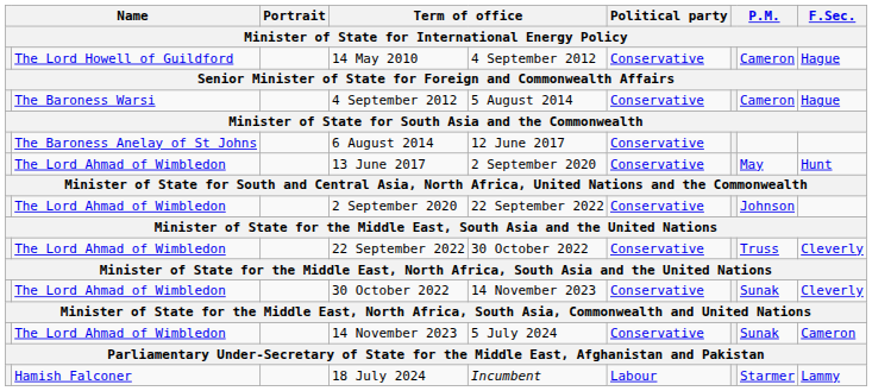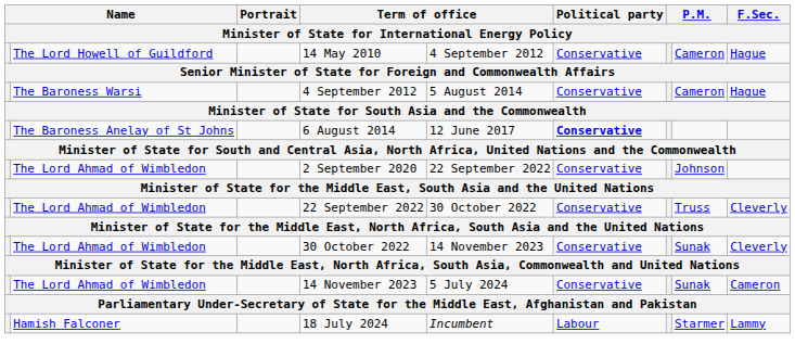 <table class="wikitable" style="text-align:left">
 <tr>
 <th colspan="2">Name</th>
 <th>Portrait</th>
 <th colspan="2">Term of office</th>
 <th>Political party</th>
 <th colspan="2"><a href='#'>P.M.</a></th>
 <th><a href='#'>F.Sec.</a></th>
 </tr>
 <tr>
 <th colspan=9>Minister of State for International Energy Policy</th>
 </tr>
 <tr>
 <th style="background-color: "></th>
 <td><a href='#'>The Lord Howell of Guildford</a></td>
 <td></td>
 <td>14 May 2010</td>
 <td>4 September 2012</td>
 <td><a href='#'>Conservative</a></td>
 <th style="background-color: "></th>
 <td><a href='#'>Cameron</a></td>
 <td><a href='#'>Hague</a></td>
 </tr>
 <tr>
 <th colspan=9>Senior Minister of State for Foreign and Commonwealth Affairs</th>
 </tr>
 <tr>
 <th style="background-color: "></th>
 <td><a href='#'>The Baroness Warsi</a></td>
 <td></td>
 <td>4 September 2012</td>
 <td>5 August 2014</td>
 <td><a href='#'>Conservative</a></td>
 <th style="background-color: "></th>
 <td><a href='#'>Cameron</a></td>
 <td><a href='#'>Hague</a></td>
 </tr>
 <tr>
 <th colspan=9>Minister of State for South Asia and the Commonwealth</th>
 </tr>
 <tr>
 <th style="background-color: "></th>
 <td><a href='#'>The Baroness Anelay of St Johns</a></td>
 <td></td>
 <td>6 August 2014</td>
 <td>12 June 2017</td>
-<td><a href='#'>Conservative</a></td>
+<td><strong><a href='#'>Conservative</a></strong></td>
 <th style="background-color: "></th>
 <td></td>
 <td></td>
-</tr>
-<tr>
-<th style="background-color: "></th>
-<td><a href='#'>The Lord Ahmad of Wimbledon</a></td>
-<td></td>
-<td>13 June 2017</td>
-<td>2 September 2020</td>
-<td><a href='#'>Conservative</a></td>
-<th style="background-color: "></th>
-<td><a href='#'>May</a></td>
-<td><a href='#'>Hunt</a></td>
 </tr>
 <tr>
 <th colspan=9>Minister of State for South and Central Asia, North Africa, United Nations and the Commonwealth</th>
 </tr>
 <tr>
 <th style="background-color: "></th>
 <td><a href='#'>The Lord Ahmad of Wimbledon</a></td>
 <td></td>
 <td>2 September 2020</td>
 <td>22 September 2022</td>
 <td><a href='#'>Conservative</a></td>
 <th style="background-color: "></th>
 <td><a href='#'>Johnson</a></td>
 <td></td>
 </tr>
 <tr>
 <th colspan=9>Minister of State for the Middle East, South Asia and the United Nations</th>
 </tr>
 <tr>
 <th style="background-color: "></th>
 <td><a href='#'>The Lord Ahmad of Wimbledon</a></td>
 <td></td>
 <td>22 September 2022</td>
 <td>30 October 2022</td>
 <td><a href='#'>Conservative</a></td>
 <th style="background-color: "></th>
 <td><a href='#'>Truss</a></td>
 <td><a href='#'>Cleverly</a></td>
 </tr>
 <tr>
 <th colspan=9>Minister of State for the Middle East, North Africa, South Asia and the United Nations</th>
 </tr>
 <tr>
 <th style="background-color: "></th>
 <td><a href='#'>The Lord Ahmad of Wimbledon</a></td>
 <td></td>
 <td>30 October 2022</td>
 <td>14 November 2023</td>
 <td><a href='#'>Conservative</a></td>
 <th style="background-color: "></th>
 <td><a href='#'>Sunak</a></td>
 <td><a href='#'>Cleverly</a></td>
 </tr>
 <tr>
 <th colspan=9>Minister of State for the Middle East, North Africa, South Asia, Commonwealth and United Nations</th>
 </tr>
 <tr>
 <th style="background-color: "></th>
 <td><a href='#'>The Lord Ahmad of Wimbledon</a></td>
 <td></td>
 <td>14 November 2023</td>
 <td>5 July 2024</td>
 <td><a href='#'>Conservative</a></td>
 <th style="background-color: "></th>
 <td><a href='#'>Sunak</a></td>
 <td><a href='#'>Cameron</a></td>
 </tr>
 <tr>
 <th colspan=9><strong>Parliamentary Under-Secretary of State for the Middle East, Afghanistan and Pakistan</strong></th>
 </tr>
 <tr>
 <th style="background-color: "></th>
 <td><a href='#'>Hamish Falconer</a></td>
 <td></td>
 <td>18 July 2024</td>
 <td><em>Incumbent</em></td>
 <td><a href='#'>Labour</a></td>
 <th style="background-color: "></th>
 <td><a href='#'>Starmer</a></td>
 <td><a href='#'>Lammy</a></td>
 </tr>
 </table>
